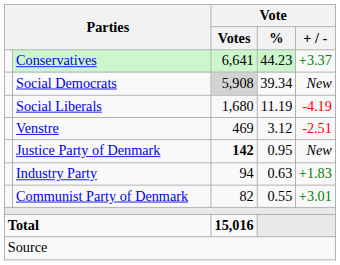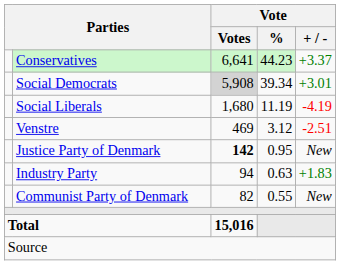 <table class="wikitable" style="text-align:right;">
 <tr>
 <th style="text-align:centre;" rowspan="2" colspan="2" width="225">Parties</th>
 <th colspan="3">Vote</th>
 </tr>
 <tr>
 <th width="15">Votes</th>
 <th width="15">%</th>
 <th width="15">+ / -</th>
 </tr>
 <tr>
 <td width="2" style="color:inherit;background:"></td>
 <td bgcolor=#ccf7cc  align="left"><a href='#'>Conservatives</a></td>
 <td bgcolor=#ccf7cc>6,641</td>
 <td bgcolor=#ccf7cc>44.23</td>
 <td style=color:green;>+3.37</td>
 </tr>
 <tr>
 <td width="2" style="color:inherit;background:"></td>
 <td align="left"><a href='#'>Social Democrats</a></td>
 <td style="background: lightgrey;">5,908</td>
 <td>39.34</td>
-<td><em>New</em></td>
+<td style=color:green;>+3.01</td>
 </tr>
 <tr>
 <td width="2" style="color:inherit;background:"></td>
 <td align="left"><a href='#'>Social Liberals</a></td>
 <td>1,680</td>
 <td>11.19</td>
 <td style=color:red;>-4.19</td>
 </tr>
 <tr>
 <td width="2" style="color:inherit;background:"></td>
 <td align="left"><a href='#'>Venstre</a></td>
 <td>469</td>
 <td>3.12</td>
 <td style=color:red;>-2.51</td>
 </tr>
 <tr>
 <td width="2" style="color:inherit;background:"></td>
 <td align="left"><a href='#'>Justice Party of Denmark</a></td>
 <td><strong>142</strong></td>
 <td>0.95</td>
 <td><em>New</em></td>
 </tr>
 <tr>
 <td width="2" style="color:inherit;background:"></td>
 <td align="left"><a href='#'>Industry Party</a></td>
 <td>94</td>
 <td>0.63</td>
 <td style=color:green;>+1.83</td>
 </tr>
 <tr>
 <td width="2" style="color:inherit;background:"></td>
 <td align="left"><a href='#'>Communist Party of Denmark</a></td>
 <td>82</td>
 <td>0.55</td>
-<td style=color:green;>+3.01</td>
+<td><em>New</em></td>
 </tr>
 <tr>
 <td colspan="7" bgcolor="#E9E9E9"></td>
 </tr>
 <tr>
 <td align="left" colspan="2"><strong>Total</strong></td>
 <td><strong>15,016</strong></td>
 <td bgcolor="#E9E9E9" colspan="2"></td>
 </tr>
 <tr>
 <td align="left" colspan="6">Source</td>
 </tr>
 </table>
